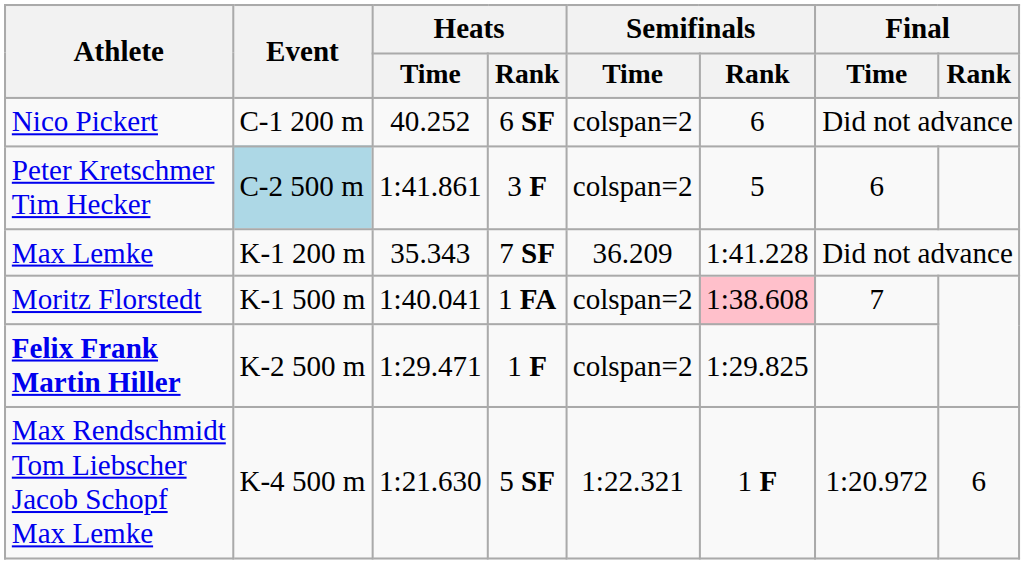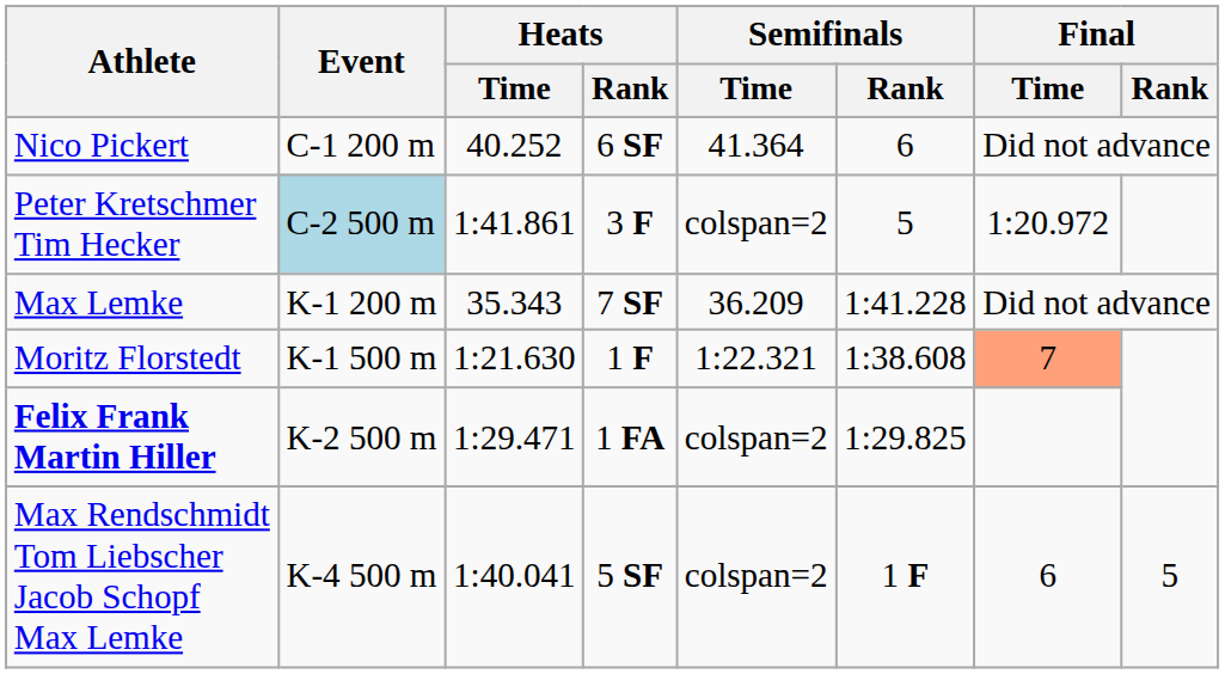 <table class=wikitable style="font-size:90%">
 <tr>
 <th rowspan="2">Athlete</th>
 <th rowspan="2">Event</th>
 <th colspan=2>Heats</th>
 <th colspan=2>Semifinals</th>
 <th colspan=2>Final</th>
 </tr>
 <tr style="font-size:95%">
 <th>Time</th>
 <th>Rank</th>
 <th>Time</th>
 <th>Rank</th>
 <th>Time</th>
 <th>Rank</th>
 </tr>
 <tr align=center>
 <td align=left><a href='#'>Nico Pickert</a></td>
 <td align=left>C-1 200 m</td>
 <td>40.252</td>
 <td>6 <strong>SF</strong></td>
-<td>colspan=2</td>
+<td>41.364</td>
 <td>6</td>
 <td colspan=2>Did not advance</td>
 </tr>
 <tr align=center>
 <td align=left><a href='#'>Peter Kretschmer</a><br><a href='#'>Tim Hecker</a></td>
 <td align=left style="background: lightblue;">C-2 500 m</td>
 <td>1:41.861</td>
 <td>3 <strong>F</strong></td>
 <td>colspan=2</td>
 <td>5</td>
-<td>6</td>
+<td>1:20.972</td>
 </tr>
 <tr align=center>
 <td align=left><a href='#'>Max Lemke</a></td>
 <td align=left>K-1 200 m</td>
 <td>35.343</td>
 <td>7 <strong>SF</strong></td>
 <td>36.209</td>
 <td>1:41.228</td>
 <td colspan=2>Did not advance</td>
 </tr>
 <tr align=center>
 <td align=left><a href='#'>Moritz Florstedt</a></td>
 <td align=left>K-1 500 m</td>
-<td>1:40.041</td>
-<td>1 <strong>FA</strong></td>
-<td>colspan=2</td>
-<td style="background: pink;">1:38.608</td>
-<td>7</td>
+<td>1:21.630</td>
+<td>1 <strong>F</strong></td>
+<td>1:22.321</td>
+<td>1:38.608</td>
+<td style="background: lightsalmon;">7</td>
 </tr>
 <tr align=center>
 <td align=left><strong><a href='#'>Felix Frank</a><br><a href='#'>Martin Hiller</a></strong></td>
 <td align=left>K-2 500 m</td>
 <td>1:29.471</td>
-<td>1 <strong>F</strong></td>
+<td>1 <strong>FA</strong></td>
 <td>colspan=2</td>
 <td>1:29.825</td>
 <td></td>
 </tr>
 <tr align=center>
 <td align=left><a href='#'>Max Rendschmidt</a><br><a href='#'>Tom Liebscher</a><br><a href='#'>Jacob Schopf</a><br><a href='#'>Max Lemke</a></td>
 <td align=left>K-4 500 m</td>
-<td>1:21.630</td>
+<td>1:40.041</td>
 <td>5 <strong>SF</strong></td>
-<td>1:22.321</td>
+<td>colspan=2</td>
 <td>1 <strong>F</strong></td>
-<td>1:20.972</td>
 <td>6</td>
+<td>5</td>
 </tr>
 </table>
